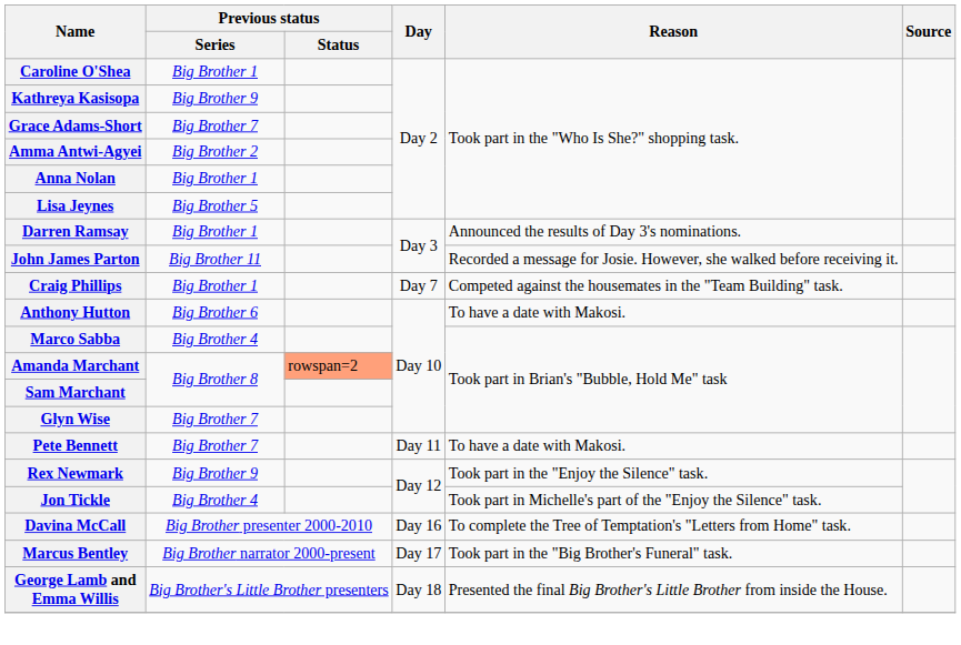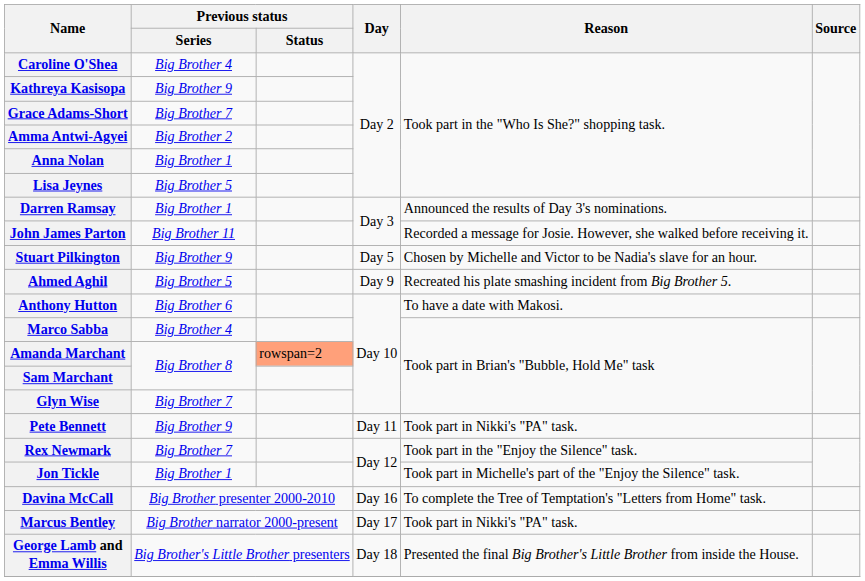 <table class="wikitable sortable" style="text-align:left; line-height:20px; width:auto;">
 <tr>
 <th scope="col" rowspan="2">Name</th>
 <th scope="col" colspan="2">Previous status</th>
 <th scope="col" rowspan="2">Day</th>
 <th scope="col" rowspan="2">Reason</th>
 <th scope="col" rowspan="2">Source</th>
 </tr>
 <tr>
 <th scope="col">Series</th>
 <th scope="col">Status</th>
 </tr>
 <tr>
 <th scope="row"><a href='#'>Caroline O'Shea</a></th>
-<td style="text-align:center"><em><a href='#'>Big Brother 1</a></em></td>
+<td style="text-align:center"><em><a href='#'>Big Brother 4</a></em></td>
 <td></td>
 <td style="text-align:center" rowspan=6>Day 2</td>
 <td rowspan=6>Took part in the "Who Is She?" shopping task.</td>
 <td rowspan=6></td>
 </tr>
 <tr>
 <th scope="row"><a href='#'>Kathreya Kasisopa</a></th>
 <td style="text-align:center"><em><a href='#'>Big Brother 9</a></em></td>
 <td></td>
 </tr>
 <tr>
 <th scope="row"><a href='#'>Grace Adams-Short</a></th>
 <td style="text-align:center"><em><a href='#'>Big Brother 7</a></em></td>
 <td></td>
 </tr>
 <tr>
 <th scope="row"><a href='#'>Amma Antwi-Agyei</a></th>
 <td style="text-align:center"><em><a href='#'>Big Brother 2</a></em></td>
 <td></td>
 </tr>
 <tr>
 <th scope="row"><a href='#'>Anna Nolan</a></th>
 <td style="text-align:center"><em><a href='#'>Big Brother 1</a></em></td>
 <td></td>
 </tr>
 <tr>
 <th scope="row"><a href='#'>Lisa Jeynes</a></th>
 <td style="text-align:center"><em><a href='#'>Big Brother 5</a></em></td>
 <td></td>
 </tr>
 <tr>
 <th scope="row"><a href='#'>Darren Ramsay</a></th>
 <td style="text-align:center"><em><a href='#'>Big Brother 1</a></em></td>
 <td></td>
 <td style="text-align:center" rowspan=2>Day 3</td>
 <td>Announced the results of Day 3's nominations.</td>
 <td></td>
 </tr>
 <tr>
 <th scope="row"><a href='#'>John James Parton</a></th>
 <td style="text-align:center"><em><a href='#'>Big Brother 11</a></em></td>
 <td></td>
 <td>Recorded a message for Josie. However, she walked before receiving it.</td>
 <td></td>
 </tr>
 <tr>
-<th scope="row"><a href='#'>Craig Phillips</a></th>
-<td style="text-align:center"><em><a href='#'>Big Brother 1</a></em></td>
+<th scope="row"><a href='#'>Stuart Pilkington</a></th>
+<td style="text-align:center"><em><a href='#'>Big Brother 9</a></em></td>
 <td></td>
-<td style="text-align:center">Day 7</td>
-<td>Competed against the housemates in the "Team Building" task.</td>
+<td style="text-align:center">Day 5</td>
+<td>Chosen by Michelle and Victor to be Nadia's slave for an hour.</td>
+<td></td>
+</tr>
+<tr>
+<th scope="row"><a href='#'>Ahmed Aghil</a></th>
+<td style="text-align:center"><em><a href='#'>Big Brother 5</a></em></td>
+<td></td>
+<td style="text-align:center">Day 9</td>
+<td>Recreated his plate smashing incident from <em>Big Brother 5</em>.</td>
 <td></td>
 </tr>
 <tr>
 <th scope="row"><a href='#'>Anthony Hutton</a></th>
 <td style="text-align:center"><em><a href='#'>Big Brother 6</a></em></td>
 <td></td>
 <td style="text-align:center" rowspan="5">Day 10</td>
 <td>To have a date with Makosi.</td>
 <td></td>
 </tr>
 <tr>
 <th scope="row"><a href='#'>Marco Sabba</a></th>
 <td style="text-align:center"><em><a href='#'>Big Brother 4</a></em></td>
 <td></td>
 <td rowspan="4">Took part in Brian's "Bubble, Hold Me" task</td>
 <td rowspan="4"></td>
 </tr>
 <tr>
 <th scope="row"><a href='#'>Amanda Marchant</a></th>
 <td rowspan=2 style="text-align:center"><em><a href='#'>Big Brother 8</a></em></td>
 <td style="background: lightsalmon;">rowspan=2 </td>
 </tr>
 <tr>
 <th scope="row"><a href='#'>Sam Marchant</a></th>
 </tr>
 <tr>
 <th scope="row"><a href='#'>Glyn Wise</a></th>
 <td style="text-align:center"><em><a href='#'>Big Brother 7</a></em></td>
 <td></td>
 </tr>
 <tr>
 <th scope="row"><a href='#'>Pete Bennett</a></th>
-<td style="text-align:center"><em><a href='#'>Big Brother 7</a></em></td>
+<td style="text-align:center"><em><a href='#'>Big Brother 9</a></em></td>
 <td></td>
 <td style="text-align:center">Day 11</td>
-<td>To have a date with Makosi.</td>
+<td>Took part in Nikki's "PA" task.</td>
 <td></td>
 </tr>
 <tr>
 <th scope="row"><a href='#'>Rex Newmark</a></th>
-<td style="text-align:center"><em><a href='#'>Big Brother 9</a></em></td>
+<td style="text-align:center"><em><a href='#'>Big Brother 7</a></em></td>
 <td></td>
 <td style="text-align:center" rowspan=2>Day 12</td>
 <td>Took part in the "Enjoy the Silence" task.</td>
 <td rowspan=2></td>
 </tr>
 <tr>
 <th scope="row"><a href='#'>Jon Tickle</a></th>
-<td style="text-align:center"><em><a href='#'>Big Brother 4</a></em></td>
+<td style="text-align:center"><em><a href='#'>Big Brother 1</a></em></td>
 <td></td>
 <td>Took part in Michelle's part of the "Enjoy the Silence" task.</td>
 </tr>
 <tr>
 <th scope="row"><a href='#'>Davina McCall</a></th>
 <td style="text-align:center" colspan="2"><a href='#'><em>Big Brother</em> presenter 2000-2010</a></td>
 <td style="text-align:center">Day 16</td>
 <td>To complete the Tree of Temptation's "Letters from Home" task.</td>
 <td></td>
 </tr>
 <tr>
 <th scope="row"><a href='#'>Marcus Bentley</a></th>
 <td style="text-align:center" colspan="2"><a href='#'><em>Big Brother</em> narrator 2000-present</a></td>
 <td style="text-align:center">Day 17</td>
-<td>Took part in the "Big Brother's Funeral" task.</td>
+<td>Took part in Nikki's "PA" task.</td>
 <td></td>
 </tr>
 <tr>
 <th scope="row"><a href='#'>George Lamb</a> and<br><a href='#'>Emma Willis</a></th>
 <td style="text-align:center" colspan="2"><a href='#'><em>Big Brother's Little Brother</em> presenters</a></td>
 <td style="text-align:center">Day 18</td>
 <td>Presented the final <em>Big Brother's Little Brother</em> from inside the House.</td>
 <td></td>
 </tr>
 <tr>
 </tr>
 </table>
